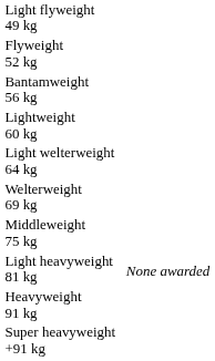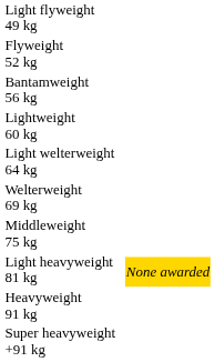 <table>
 <tr>
 <td rowspan=2>Light flyweight<br>49 kg</td>
 <td rowspan=2></td>
 <td rowspan=2></td>
 <td></td>
 </tr>
 <tr>
 <td></td>
 </tr>
 <tr>
 <td rowspan=2>Flyweight<br>52 kg</td>
 <td rowspan=2></td>
 <td rowspan=2></td>
 <td></td>
 </tr>
 <tr>
 <td></td>
 </tr>
 <tr>
 <td rowspan=2>Bantamweight<br>56 kg</td>
 <td rowspan=2></td>
 <td rowspan=2></td>
 <td></td>
 </tr>
 <tr>
 <td></td>
 </tr>
 <tr>
 <td rowspan=2>Lightweight<br>60 kg</td>
 <td rowspan=2></td>
 <td rowspan=2></td>
 <td></td>
 </tr>
 <tr>
 <td></td>
 </tr>
 <tr>
 <td rowspan=2>Light welterweight<br>64 kg</td>
 <td rowspan=2></td>
 <td rowspan=2></td>
 <td></td>
 </tr>
 <tr>
 <td></td>
 </tr>
 <tr>
 <td rowspan=2>Welterweight<br>69 kg</td>
 <td rowspan=2></td>
 <td rowspan=2></td>
 <td></td>
 </tr>
 <tr>
 <td></td>
 </tr>
 <tr>
 <td rowspan=2>Middleweight<br>75 kg</td>
 <td rowspan=2></td>
 <td rowspan=2></td>
 <td></td>
 </tr>
 <tr>
 <td></td>
 </tr>
 <tr>
 <td rowspan=2>Light heavyweight<br>81 kg</td>
 <td rowspan=2></td>
 <td rowspan=2></td>
 <td></td>
 </tr>
 <tr>
-<td><em>None awarded</em></td>
+<td style="background: gold;"><em>None awarded</em></td>
 </tr>
 <tr>
 <td rowspan=2>Heavyweight<br>91 kg</td>
 <td rowspan=2></td>
 <td rowspan=2></td>
 <td></td>
 </tr>
 <tr>
 <td></td>
 </tr>
 <tr>
 <td rowspan=2>Super heavyweight<br>+91 kg</td>
 <td rowspan=2></td>
 <td rowspan=2></td>
 <td></td>
 </tr>
 <tr>
 <td></td>
 </tr>
 </table>
